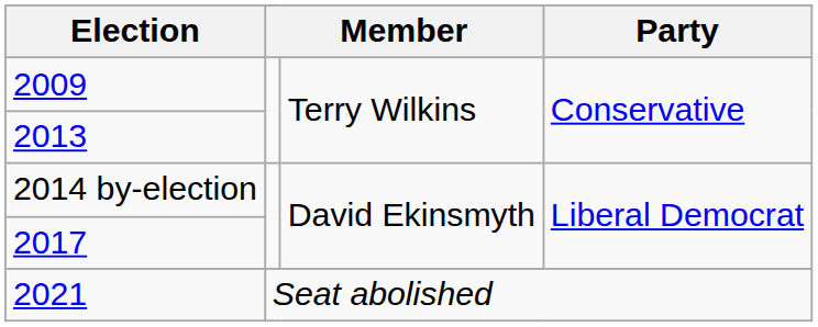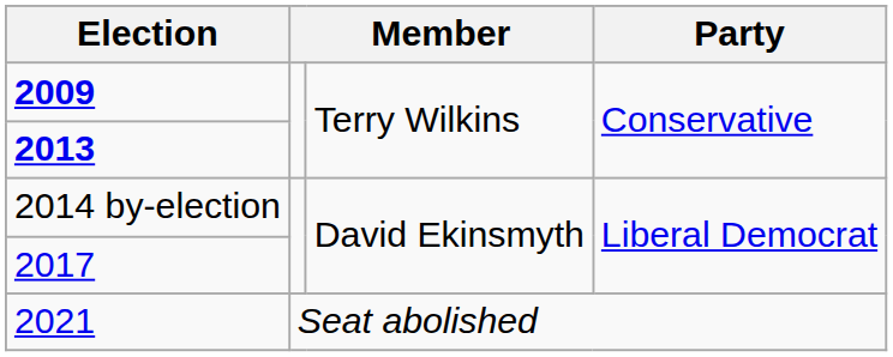 <table class="wikitable">
 <tr>
 <th>Election</th>
 <th colspan="2">Member</th>
 <th>Party</th>
 </tr>
 <tr>
-<td><a href='#'>2009</a></td>
+<td><strong><a href='#'>2009</a></strong></td>
 <td rowspan="2" style="background-color: "></td>
 <td rowspan="2">Terry Wilkins</td>
 <td rowspan="2"><a href='#'>Conservative</a></td>
 </tr>
 <tr>
-<td><a href='#'>2013</a></td>
+<td><strong><a href='#'>2013</a></strong></td>
 </tr>
 <tr>
 <td>2014 by-election</td>
 <td rowspan="2" style="background-color: "></td>
 <td rowspan="2">David Ekinsmyth</td>
 <td rowspan="2"><a href='#'>Liberal Democrat</a></td>
 </tr>
 <tr>
 <td><a href='#'>2017</a></td>
 </tr>
 <tr>
 <td><a href='#'>2021</a></td>
 <td colspan="3"><em>Seat abolished</em></td>
 </tr>
 </table>
